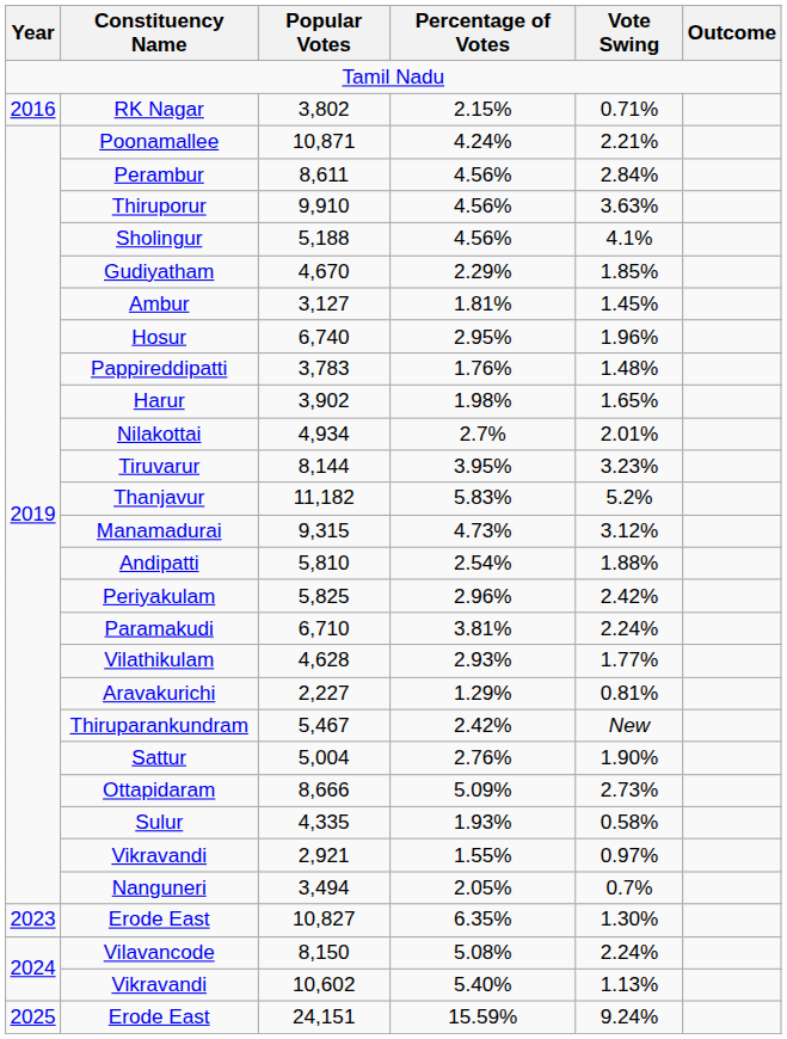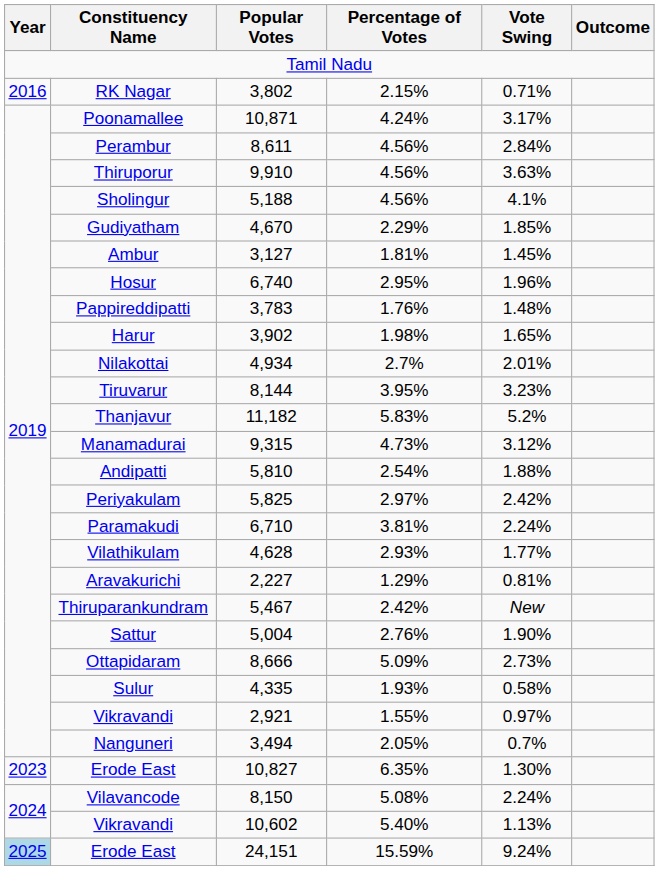 <table class="wikitable sortable" style="text-align:center;">
 <tr>
 <th style="background-color:">Year</th>
 <th style="background-color:">Constituency Name</th>
 <th style="background-color:">Popular Votes</th>
 <th style="background-color:">Percentage of Votes</th>
 <th style="background-color:">Vote Swing</th>
 <th style="background-color:">Outcome</th>
 </tr>
 <tr>
 <td colspan=8> <a href='#'>Tamil Nadu</a></td>
 </tr>
 <tr>
 <td><a href='#'>2016</a></td>
 <td><a href='#'>RK Nagar</a></td>
 <td>3,802</td>
 <td>2.15%</td>
 <td> 0.71%</td>
 <td></td>
 </tr>
 <tr>
 <td rowspan=24><a href='#'>2019</a></td>
 <td><a href='#'>Poonamallee</a></td>
 <td>10,871</td>
 <td>4.24%</td>
-<td> 2.21%</td>
+<td> 3.17%</td>
 <td></td>
 </tr>
 <tr>
 <td><a href='#'>Perambur</a></td>
 <td>8,611</td>
 <td>4.56%</td>
 <td> 2.84%</td>
 <td></td>
 </tr>
 <tr>
 <td><a href='#'>Thiruporur</a></td>
 <td>9,910</td>
 <td>4.56%</td>
 <td> 3.63%</td>
 <td></td>
 </tr>
 <tr>
 <td><a href='#'>Sholingur</a></td>
 <td>5,188</td>
 <td>4.56%</td>
 <td> 4.1%</td>
 <td></td>
 </tr>
 <tr>
 <td><a href='#'>Gudiyatham</a></td>
 <td>4,670</td>
 <td>2.29%</td>
 <td> 1.85%</td>
 <td></td>
 </tr>
 <tr>
 <td><a href='#'>Ambur</a></td>
 <td>3,127</td>
 <td>1.81%</td>
 <td> 1.45%</td>
 <td></td>
 </tr>
 <tr>
 <td><a href='#'>Hosur</a></td>
 <td>6,740</td>
 <td>2.95%</td>
 <td> 1.96%</td>
 <td></td>
 </tr>
 <tr>
 <td><a href='#'>Pappireddipatti</a></td>
 <td>3,783</td>
 <td>1.76%</td>
 <td> 1.48%</td>
 <td></td>
 </tr>
 <tr>
 <td><a href='#'>Harur</a></td>
 <td>3,902</td>
 <td>1.98%</td>
 <td> 1.65%</td>
 <td></td>
 </tr>
 <tr>
 <td><a href='#'>Nilakottai</a></td>
 <td>4,934</td>
 <td>2.7%</td>
 <td> 2.01%</td>
 <td></td>
 </tr>
 <tr>
 <td><a href='#'>Tiruvarur</a></td>
 <td>8,144</td>
 <td>3.95%</td>
 <td> 3.23%</td>
 <td></td>
 </tr>
 <tr>
 <td><a href='#'>Thanjavur</a></td>
 <td>11,182</td>
 <td>5.83%</td>
 <td> 5.2%</td>
 <td></td>
 </tr>
 <tr>
 <td><a href='#'>Manamadurai</a></td>
 <td>9,315</td>
 <td>4.73%</td>
 <td> 3.12%</td>
 <td></td>
 </tr>
 <tr>
 <td><a href='#'>Andipatti</a></td>
 <td>5,810</td>
 <td>2.54%</td>
 <td> 1.88%</td>
 <td></td>
 </tr>
 <tr>
 <td><a href='#'>Periyakulam</a></td>
 <td>5,825</td>
-<td>2.96%</td>
+<td>2.97%</td>
 <td> 2.42%</td>
 <td></td>
 </tr>
 <tr>
 <td><a href='#'>Paramakudi</a></td>
 <td>6,710</td>
 <td>3.81%</td>
 <td> 2.24%</td>
 <td></td>
 </tr>
 <tr>
 <td><a href='#'>Vilathikulam</a></td>
 <td>4,628</td>
 <td>2.93%</td>
 <td> 1.77%</td>
 <td></td>
 </tr>
 <tr>
 <td><a href='#'>Aravakurichi</a></td>
 <td>2,227</td>
 <td>1.29%</td>
 <td> 0.81%</td>
 <td></td>
 </tr>
 <tr>
 <td><a href='#'>Thiruparankundram</a></td>
 <td>5,467</td>
 <td>2.42%</td>
 <td> <em>New</em></td>
 <td></td>
 </tr>
 <tr>
 <td><a href='#'>Sattur</a></td>
 <td>5,004</td>
 <td>2.76%</td>
 <td> 1.90%</td>
 <td></td>
 </tr>
 <tr>
 <td><a href='#'>Ottapidaram</a></td>
 <td>8,666</td>
 <td>5.09%</td>
 <td> 2.73%</td>
 <td></td>
 </tr>
 <tr>
 <td><a href='#'>Sulur</a></td>
 <td>4,335</td>
 <td>1.93%</td>
 <td> 0.58%</td>
 <td></td>
 </tr>
 <tr>
 <td><a href='#'>Vikravandi</a></td>
 <td>2,921</td>
 <td>1.55%</td>
 <td> 0.97%</td>
 <td></td>
 </tr>
 <tr>
 <td><a href='#'>Nanguneri</a></td>
 <td>3,494</td>
 <td>2.05%</td>
 <td> 0.7%</td>
 <td></td>
 </tr>
 <tr>
 <td><a href='#'>2023</a></td>
 <td><a href='#'>Erode East</a></td>
 <td>10,827</td>
 <td>6.35%</td>
 <td> 1.30%</td>
 <td></td>
 </tr>
 <tr>
 <td rowspan=2><a href='#'>2024</a></td>
 <td><a href='#'>Vilavancode</a></td>
 <td>8,150</td>
 <td>5.08%</td>
 <td> 2.24%</td>
 <td></td>
 </tr>
 <tr>
 <td><a href='#'>Vikravandi</a></td>
 <td>10,602</td>
 <td>5.40%</td>
 <td> 1.13%</td>
 <td></td>
 </tr>
 <tr>
-<td><a href='#'>2025</a></td>
+<td style="background: lightblue;"><a href='#'>2025</a></td>
 <td><a href='#'>Erode East</a></td>
 <td>24,151</td>
 <td>15.59%</td>
 <td> 9.24%</td>
 <td></td>
 </tr>
 <tr>
 </tr>
 </table>
